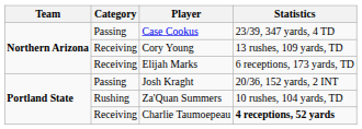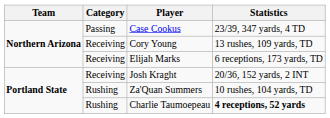 <table class="wikitable" style="float: right;">
 <tr>
 <th>Team</th>
 <th>Category</th>
 <th>Player</th>
 <th>Statistics</th>
 </tr>
 <tr>
 <td rowspan=3><strong>Northern Arizona</strong></td>
 <td>Passing</td>
 <td><a href='#'>Case Cookus</a></td>
 <td>23/39, 347 yards, 4 TD</td>
 </tr>
 <tr>
 <td>Receiving</td>
 <td>Cory Young</td>
 <td>13 rushes, 109 yards, TD</td>
 </tr>
 <tr>
 <td>Receiving</td>
 <td>Elijah Marks</td>
 <td>6 receptions, 173 yards, TD</td>
 </tr>
 <tr>
 <td rowspan=3><strong>Portland State</strong></td>
-<td>Passing</td>
+<td>Receiving</td>
 <td>Josh Kraght</td>
 <td>20/36, 152 yards, 2 INT</td>
 </tr>
 <tr>
 <td>Rushing</td>
 <td>Za'Quan Summers</td>
 <td>10 rushes, 104 yards, TD</td>
 </tr>
 <tr>
-<td>Receiving</td>
+<td>Rushing</td>
 <td>Charlie Taumoepeau</td>
 <td><strong>4 receptions, 52 yards</strong></td>
 </tr>
 </table>
